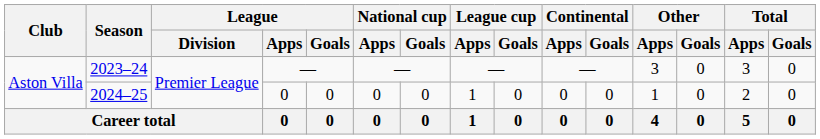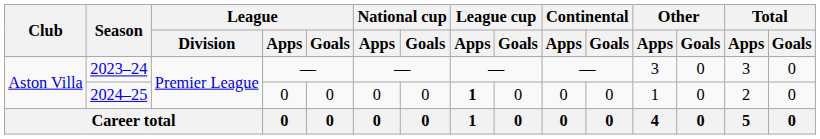 <table class="wikitable" style="text-align:center">
 <tr>
 <th rowspan="2">Club</th>
 <th rowspan="2">Season</th>
 <th colspan="3">League</th>
 <th colspan="2">National cup</th>
 <th colspan="2">League cup</th>
 <th colspan="2">Continental</th>
 <th colspan="2">Other</th>
 <th colspan="2">Total</th>
 </tr>
 <tr>
 <th>Division</th>
 <th>Apps</th>
 <th>Goals</th>
 <th>Apps</th>
 <th>Goals</th>
 <th>Apps</th>
 <th>Goals</th>
 <th>Apps</th>
 <th>Goals</th>
 <th>Apps</th>
 <th>Goals</th>
 <th>Apps</th>
 <th>Goals</th>
 </tr>
 <tr>
 <td rowspan="2"><a href='#'>Aston Villa</a></td>
 <td><a href='#'>2023–24</a></td>
 <td rowspan="2"><a href='#'>Premier League</a></td>
 <td colspan="2">—</td>
 <td colspan="2">—</td>
 <td colspan="2">—</td>
 <td colspan="2">—</td>
 <td>3</td>
 <td>0</td>
 <td>3</td>
 <td>0</td>
 </tr>
 <tr>
 <td><a href='#'>2024–25</a></td>
 <td>0</td>
 <td>0</td>
 <td>0</td>
 <td>0</td>
-<td>1</td>
+<td><strong>1</strong></td>
 <td>0</td>
 <td>0</td>
 <td>0</td>
 <td>1</td>
 <td>0</td>
 <td>2</td>
 <td>0</td>
 </tr>
 <tr>
 <th colspan="3">Career total</th>
 <th>0</th>
 <th>0</th>
 <th>0</th>
 <th>0</th>
 <th>1</th>
 <th>0</th>
 <th>0</th>
 <th>0</th>
 <th>4</th>
 <th>0</th>
 <th>5</th>
 <th>0</th>
 </tr>
 </table>
